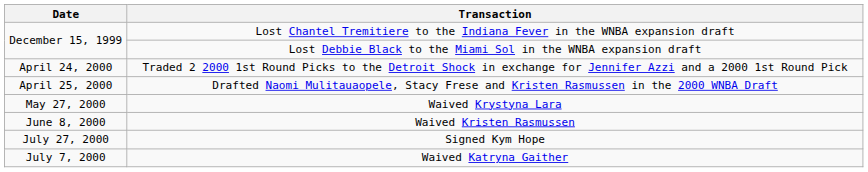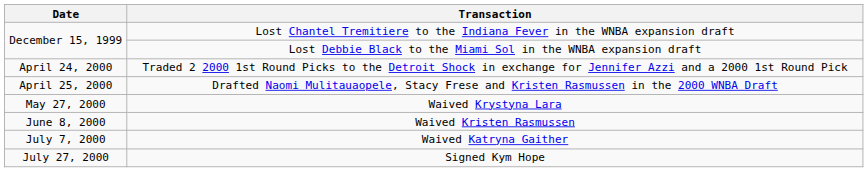 <table class="wikitable" style="width:80%; text-align: center;">
 <tr>
 <th>Date</th>
 <th>Transaction</th>
 </tr>
 <tr>
 <td rowspan="2">December 15, 1999</td>
 <td>Lost <a href='#'>Chantel Tremitiere</a> to the <a href='#'>Indiana Fever</a> in the WNBA expansion draft</td>
 </tr>
 <tr>
 <td>Lost <a href='#'>Debbie Black</a> to the <a href='#'>Miami Sol</a> in the WNBA expansion draft</td>
 </tr>
 <tr>
 <td>April 24, 2000</td>
 <td>Traded 2 <a href='#'>2000</a> 1st Round Picks to the <a href='#'>Detroit Shock</a> in exchange for <a href='#'>Jennifer Azzi</a> and a 2000 1st Round Pick</td>
 </tr>
 <tr>
 <td>April 25, 2000</td>
 <td>Drafted <a href='#'>Naomi Mulitauaopele</a>, Stacy Frese and <a href='#'>Kristen Rasmussen</a> in the <a href='#'>2000 WNBA Draft</a></td>
 </tr>
 <tr>
 <td>May 27, 2000</td>
 <td>Waived <a href='#'>Krystyna Lara</a></td>
 </tr>
 <tr>
 <td>June 8, 2000</td>
 <td>Waived <a href='#'>Kristen Rasmussen</a></td>
 </tr>
 <tr>
+<td>July 7, 2000</td>
+<td>Waived <a href='#'>Katryna Gaither</a></td>
+</tr>
+<tr>
 <td>July 27, 2000</td>
 <td>Signed Kym Hope</td>
 </tr>
-<tr>
-<td>July 7, 2000</td>
-<td>Waived <a href='#'>Katryna Gaither</a></td>
-</tr>
 </table>
